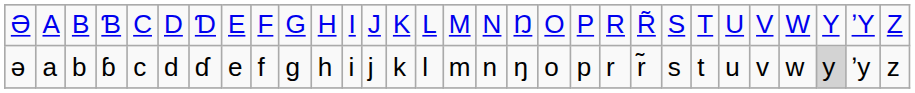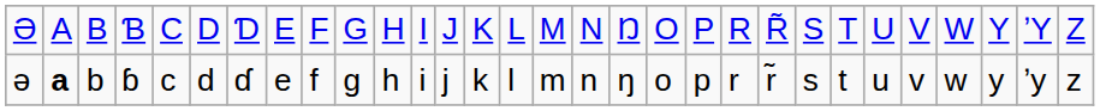 <table class="wikitable">
 <tr>
 <td><a href='#'>Ə</a></td>
 <td><a href='#'>A</a></td>
 <td><a href='#'>B</a></td>
 <td><a href='#'>Ɓ</a></td>
 <td><a href='#'>C</a></td>
 <td><a href='#'>D</a></td>
 <td><a href='#'>Ɗ</a></td>
 <td><a href='#'>E</a></td>
 <td><a href='#'>F</a></td>
 <td><a href='#'>G</a></td>
 <td><a href='#'>H</a></td>
 <td><a href='#'>I</a></td>
 <td><a href='#'>J</a></td>
 <td><a href='#'>K</a></td>
 <td><a href='#'>L</a></td>
 <td><a href='#'>M</a></td>
 <td><a href='#'>N</a></td>
 <td><a href='#'>Ŋ</a></td>
 <td><a href='#'>O</a></td>
 <td><a href='#'>P</a></td>
 <td><a href='#'>R</a></td>
 <td><a href='#'>R̃</a></td>
 <td><a href='#'>S</a></td>
 <td><a href='#'>T</a></td>
 <td><a href='#'>U</a></td>
 <td><a href='#'>V</a></td>
 <td><a href='#'>W</a></td>
 <td><a href='#'>Y</a></td>
 <td><a href='#'>ʼY</a></td>
 <td><a href='#'>Z</a></td>
 </tr>
 <tr>
 <td>ə</td>
-<td>a</td>
+<td><strong>a</strong></td>
 <td>b</td>
 <td>ɓ</td>
 <td>c</td>
 <td>d</td>
 <td>ɗ</td>
 <td>e</td>
 <td>f</td>
 <td>g</td>
 <td>h</td>
 <td>i</td>
 <td>j</td>
 <td>k</td>
 <td>l</td>
 <td>m</td>
 <td>n</td>
 <td>ŋ</td>
 <td>o</td>
 <td>p</td>
 <td>r</td>
 <td>r̃</td>
 <td>s</td>
 <td>t</td>
 <td>u</td>
 <td>v</td>
 <td>w</td>
-<td style="background: lightgrey;">y</td>
+<td>y</td>
 <td>ʼy</td>
 <td>z</td>
 </tr>
 </table>
